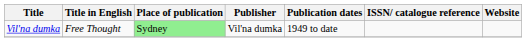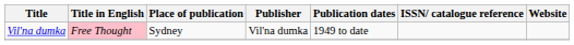 <table class="wikitable sortable">
 <tr>
 <th>Title</th>
 <th>Title in English</th>
 <th>Place of publication</th>
 <th>Publisher</th>
 <th>Publication dates</th>
 <th>ISSN/ catalogue reference</th>
 <th>Website</th>
 </tr>
 <tr>
 <td><em><a href='#'>Vil'na dumka</a></em></td>
-<td><em>Free Thought</em></td>
-<td style="background: lightgreen;">Sydney</td>
+<td style="background: pink;"><em>Free Thought</em></td>
+<td>Sydney</td>
 <td>Vil'na dumka</td>
 <td>1949 to date</td>
 <td></td>
 <td></td>
 </tr>
 <tr>
 </tr>
 </table>
